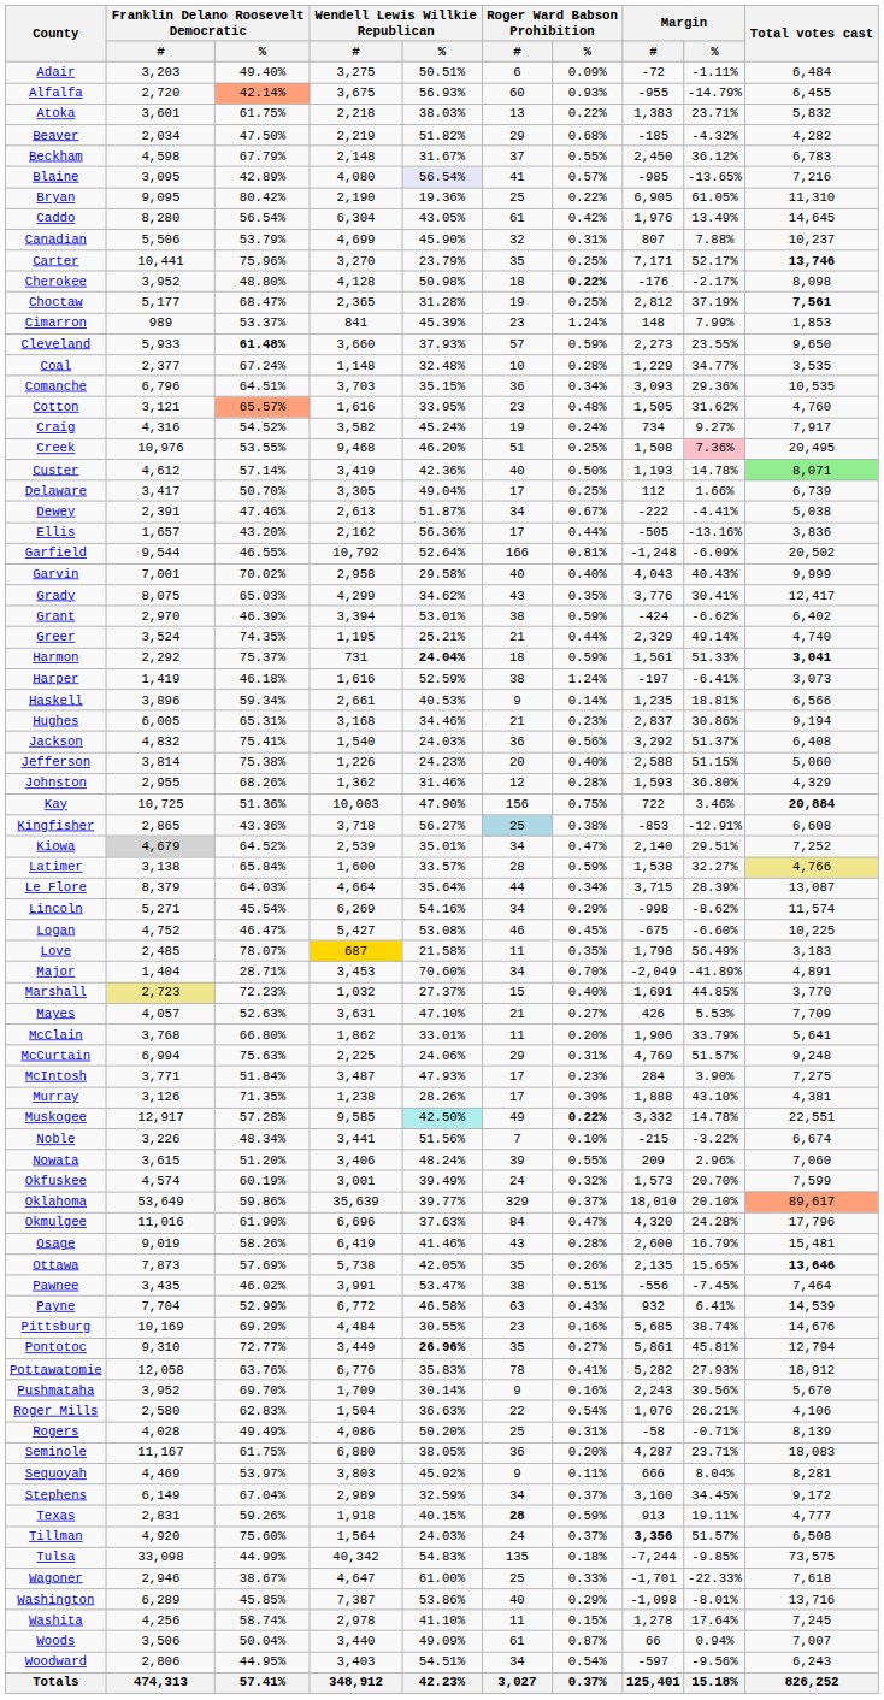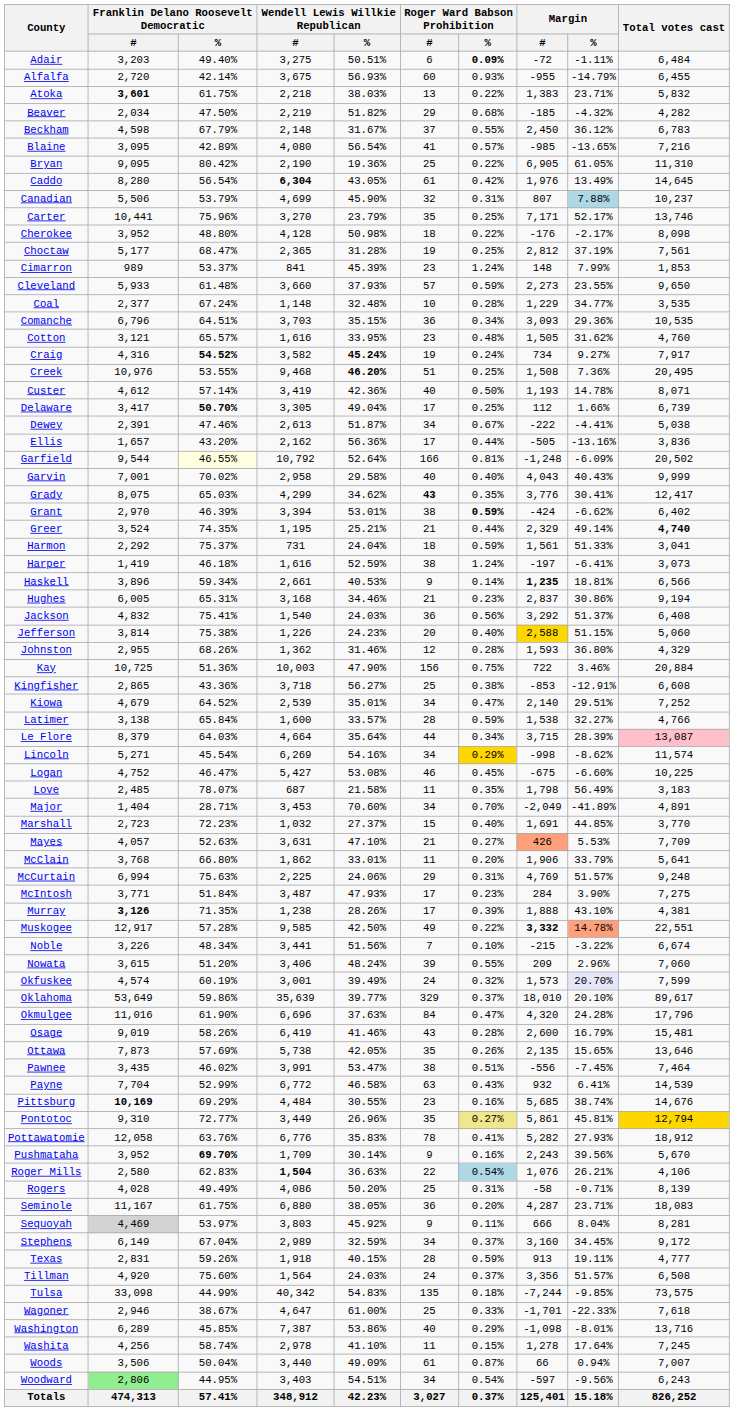 <table width="70%" class="wikitable sortable">
 <tr>
 <th rowspan="2">County</th>
 <th colspan="2">Franklin Delano Roosevelt<br>Democratic</th>
 <th colspan="2">Wendell Lewis Willkie<br>Republican</th>
 <th colspan="2">Roger Ward Babson<br>Prohibition</th>
 <th colspan="2">Margin</th>
 <th rowspan="2">Total votes cast</th>
 </tr>
 <tr bgcolor="lightgrey">
 <th>#</th>
 <th>%</th>
 <th>#</th>
 <th>%</th>
 <th>#</th>
 <th>%</th>
 <th>#</th>
 <th>%</th>
 </tr>
 <tr style="text-align:center;">
 <td><a href='#'>Adair</a></td>
 <td>3,203</td>
 <td>49.40%</td>
 <td>3,275</td>
 <td>50.51%</td>
 <td>6</td>
-<td>0.09%</td>
+<td><strong>0.09%</strong></td>
 <td>-72</td>
 <td>-1.11%</td>
 <td>6,484</td>
 </tr>
 <tr style="text-align:center;">
 <td><a href='#'>Alfalfa</a></td>
 <td>2,720</td>
-<td style="background: lightsalmon;">42.14%</td>
+<td>42.14%</td>
 <td>3,675</td>
 <td>56.93%</td>
 <td>60</td>
 <td>0.93%</td>
 <td>-955</td>
 <td>-14.79%</td>
 <td>6,455</td>
 </tr>
 <tr style="text-align:center;">
 <td><a href='#'>Atoka</a></td>
-<td>3,601</td>
+<td><strong>3,601</strong></td>
 <td>61.75%</td>
 <td>2,218</td>
 <td>38.03%</td>
 <td>13</td>
 <td>0.22%</td>
 <td>1,383</td>
 <td>23.71%</td>
 <td>5,832</td>
 </tr>
 <tr style="text-align:center;">
 <td><a href='#'>Beaver</a></td>
 <td>2,034</td>
 <td>47.50%</td>
 <td>2,219</td>
 <td>51.82%</td>
 <td>29</td>
 <td>0.68%</td>
 <td>-185</td>
 <td>-4.32%</td>
 <td>4,282</td>
 </tr>
 <tr style="text-align:center;">
 <td><a href='#'>Beckham</a></td>
 <td>4,598</td>
 <td>67.79%</td>
 <td>2,148</td>
 <td>31.67%</td>
 <td>37</td>
 <td>0.55%</td>
 <td>2,450</td>
 <td>36.12%</td>
 <td>6,783</td>
 </tr>
 <tr style="text-align:center;">
 <td><a href='#'>Blaine</a></td>
 <td>3,095</td>
 <td>42.89%</td>
 <td>4,080</td>
-<td style="background: lavender;">56.54%</td>
+<td>56.54%</td>
 <td>41</td>
 <td>0.57%</td>
 <td>-985</td>
 <td>-13.65%</td>
 <td>7,216</td>
 </tr>
 <tr style="text-align:center;">
 <td><a href='#'>Bryan</a></td>
 <td>9,095</td>
 <td>80.42%</td>
 <td>2,190</td>
 <td>19.36%</td>
 <td>25</td>
 <td>0.22%</td>
 <td>6,905</td>
 <td>61.05%</td>
 <td>11,310</td>
 </tr>
 <tr style="text-align:center;">
 <td><a href='#'>Caddo</a></td>
 <td>8,280</td>
 <td>56.54%</td>
-<td>6,304</td>
+<td><strong>6,304</strong></td>
 <td>43.05%</td>
 <td>61</td>
 <td>0.42%</td>
 <td>1,976</td>
 <td>13.49%</td>
 <td>14,645</td>
 </tr>
 <tr style="text-align:center;">
 <td><a href='#'>Canadian</a></td>
 <td>5,506</td>
 <td>53.79%</td>
 <td>4,699</td>
 <td>45.90%</td>
 <td>32</td>
 <td>0.31%</td>
 <td>807</td>
-<td>7.88%</td>
+<td style="background: lightblue;">7.88%</td>
 <td>10,237</td>
 </tr>
 <tr style="text-align:center;">
 <td><a href='#'>Carter</a></td>
 <td>10,441</td>
 <td>75.96%</td>
 <td>3,270</td>
 <td>23.79%</td>
 <td>35</td>
 <td>0.25%</td>
 <td>7,171</td>
 <td>52.17%</td>
-<td><strong>13,746</strong></td>
+<td>13,746</td>
 </tr>
 <tr style="text-align:center;">
 <td><a href='#'>Cherokee</a></td>
 <td>3,952</td>
 <td>48.80%</td>
 <td>4,128</td>
 <td>50.98%</td>
 <td>18</td>
-<td><strong>0.22%</strong></td>
+<td>0.22%</td>
 <td>-176</td>
 <td>-2.17%</td>
 <td>8,098</td>
 </tr>
 <tr style="text-align:center;">
 <td><a href='#'>Choctaw</a></td>
 <td>5,177</td>
 <td>68.47%</td>
 <td>2,365</td>
 <td>31.28%</td>
 <td>19</td>
 <td>0.25%</td>
 <td>2,812</td>
 <td>37.19%</td>
-<td><strong>7,561</strong></td>
+<td>7,561</td>
 </tr>
 <tr style="text-align:center;">
 <td><a href='#'>Cimarron</a></td>
 <td>989</td>
 <td>53.37%</td>
 <td>841</td>
 <td>45.39%</td>
 <td>23</td>
 <td>1.24%</td>
 <td>148</td>
 <td>7.99%</td>
 <td>1,853</td>
 </tr>
 <tr style="text-align:center;">
 <td><a href='#'>Cleveland</a></td>
 <td>5,933</td>
-<td><strong>61.48%</strong></td>
+<td>61.48%</td>
 <td>3,660</td>
 <td>37.93%</td>
 <td>57</td>
 <td>0.59%</td>
 <td>2,273</td>
 <td>23.55%</td>
 <td>9,650</td>
 </tr>
 <tr style="text-align:center;">
 <td><a href='#'>Coal</a></td>
 <td>2,377</td>
 <td>67.24%</td>
 <td>1,148</td>
 <td>32.48%</td>
 <td>10</td>
 <td>0.28%</td>
 <td>1,229</td>
 <td>34.77%</td>
 <td>3,535</td>
 </tr>
 <tr style="text-align:center;">
 <td><a href='#'>Comanche</a></td>
 <td>6,796</td>
 <td>64.51%</td>
 <td>3,703</td>
 <td>35.15%</td>
 <td>36</td>
 <td>0.34%</td>
 <td>3,093</td>
 <td>29.36%</td>
 <td>10,535</td>
 </tr>
 <tr style="text-align:center;">
 <td><a href='#'>Cotton</a></td>
 <td>3,121</td>
-<td style="background: lightsalmon;">65.57%</td>
+<td>65.57%</td>
 <td>1,616</td>
 <td>33.95%</td>
 <td>23</td>
 <td>0.48%</td>
 <td>1,505</td>
 <td>31.62%</td>
 <td>4,760</td>
 </tr>
 <tr style="text-align:center;">
 <td><a href='#'>Craig</a></td>
 <td>4,316</td>
-<td>54.52%</td>
+<td><strong>54.52%</strong></td>
 <td>3,582</td>
-<td>45.24%</td>
+<td><strong>45.24%</strong></td>
 <td>19</td>
 <td>0.24%</td>
 <td>734</td>
 <td>9.27%</td>
 <td>7,917</td>
 </tr>
 <tr style="text-align:center;">
 <td><a href='#'>Creek</a></td>
 <td>10,976</td>
 <td>53.55%</td>
 <td>9,468</td>
-<td>46.20%</td>
+<td><strong>46.20%</strong></td>
 <td>51</td>
 <td>0.25%</td>
 <td>1,508</td>
-<td style="background: pink;">7.36%</td>
+<td>7.36%</td>
 <td>20,495</td>
 </tr>
 <tr style="text-align:center;">
 <td><a href='#'>Custer</a></td>
 <td>4,612</td>
 <td>57.14%</td>
 <td>3,419</td>
 <td>42.36%</td>
 <td>40</td>
 <td>0.50%</td>
 <td>1,193</td>
 <td>14.78%</td>
-<td style="background: lightgreen;">8,071</td>
+<td>8,071</td>
 </tr>
 <tr style="text-align:center;">
 <td><a href='#'>Delaware</a></td>
 <td>3,417</td>
-<td>50.70%</td>
+<td><strong>50.70%</strong></td>
 <td>3,305</td>
 <td>49.04%</td>
 <td>17</td>
 <td>0.25%</td>
 <td>112</td>
 <td>1.66%</td>
 <td>6,739</td>
 </tr>
 <tr style="text-align:center;">
 <td><a href='#'>Dewey</a></td>
 <td>2,391</td>
 <td>47.46%</td>
 <td>2,613</td>
 <td>51.87%</td>
 <td>34</td>
 <td>0.67%</td>
 <td>-222</td>
 <td>-4.41%</td>
 <td>5,038</td>
 </tr>
 <tr style="text-align:center;">
 <td><a href='#'>Ellis</a></td>
 <td>1,657</td>
 <td>43.20%</td>
 <td>2,162</td>
 <td>56.36%</td>
 <td>17</td>
 <td>0.44%</td>
 <td>-505</td>
 <td>-13.16%</td>
 <td>3,836</td>
 </tr>
 <tr style="text-align:center;">
 <td><a href='#'>Garfield</a></td>
 <td>9,544</td>
-<td>46.55%</td>
+<td style="background: lightyellow;">46.55%</td>
 <td>10,792</td>
 <td>52.64%</td>
 <td>166</td>
 <td>0.81%</td>
 <td>-1,248</td>
 <td>-6.09%</td>
 <td>20,502</td>
 </tr>
 <tr style="text-align:center;">
 <td><a href='#'>Garvin</a></td>
 <td>7,001</td>
 <td>70.02%</td>
 <td>2,958</td>
 <td>29.58%</td>
 <td>40</td>
 <td>0.40%</td>
 <td>4,043</td>
 <td>40.43%</td>
 <td>9,999</td>
 </tr>
 <tr style="text-align:center;">
 <td><a href='#'>Grady</a></td>
 <td>8,075</td>
 <td>65.03%</td>
 <td>4,299</td>
 <td>34.62%</td>
-<td>43</td>
+<td><strong>43</strong></td>
 <td>0.35%</td>
 <td>3,776</td>
 <td>30.41%</td>
 <td>12,417</td>
 </tr>
 <tr style="text-align:center;">
 <td><a href='#'>Grant</a></td>
 <td>2,970</td>
 <td>46.39%</td>
 <td>3,394</td>
 <td>53.01%</td>
 <td>38</td>
-<td>0.59%</td>
+<td><strong>0.59%</strong></td>
 <td>-424</td>
 <td>-6.62%</td>
 <td>6,402</td>
 </tr>
 <tr style="text-align:center;">
 <td><a href='#'>Greer</a></td>
 <td>3,524</td>
 <td>74.35%</td>
 <td>1,195</td>
 <td>25.21%</td>
 <td>21</td>
 <td>0.44%</td>
 <td>2,329</td>
 <td>49.14%</td>
-<td>4,740</td>
+<td><strong>4,740</strong></td>
 </tr>
 <tr style="text-align:center;">
 <td><a href='#'>Harmon</a></td>
 <td>2,292</td>
 <td>75.37%</td>
 <td>731</td>
-<td><strong>24.04%</strong></td>
+<td>24.04%</td>
 <td>18</td>
 <td>0.59%</td>
 <td>1,561</td>
 <td>51.33%</td>
-<td><strong>3,041</strong></td>
+<td>3,041</td>
 </tr>
 <tr style="text-align:center;">
 <td><a href='#'>Harper</a></td>
 <td>1,419</td>
 <td>46.18%</td>
 <td>1,616</td>
 <td>52.59%</td>
 <td>38</td>
 <td>1.24%</td>
 <td>-197</td>
 <td>-6.41%</td>
 <td>3,073</td>
 </tr>
 <tr style="text-align:center;">
 <td><a href='#'>Haskell</a></td>
 <td>3,896</td>
 <td>59.34%</td>
 <td>2,661</td>
 <td>40.53%</td>
 <td>9</td>
 <td>0.14%</td>
-<td>1,235</td>
+<td><strong>1,235</strong></td>
 <td>18.81%</td>
 <td>6,566</td>
 </tr>
 <tr style="text-align:center;">
 <td><a href='#'>Hughes</a></td>
 <td>6,005</td>
 <td>65.31%</td>
 <td>3,168</td>
 <td>34.46%</td>
 <td>21</td>
 <td>0.23%</td>
 <td>2,837</td>
 <td>30.86%</td>
 <td>9,194</td>
 </tr>
 <tr style="text-align:center;">
 <td><a href='#'>Jackson</a></td>
 <td>4,832</td>
 <td>75.41%</td>
 <td>1,540</td>
 <td>24.03%</td>
 <td>36</td>
 <td>0.56%</td>
 <td>3,292</td>
 <td>51.37%</td>
 <td>6,408</td>
 </tr>
 <tr style="text-align:center;">
 <td><a href='#'>Jefferson</a></td>
 <td>3,814</td>
 <td>75.38%</td>
 <td>1,226</td>
 <td>24.23%</td>
 <td>20</td>
 <td>0.40%</td>
-<td>2,588</td>
+<td style="background: gold;">2,588</td>
 <td>51.15%</td>
 <td>5,060</td>
 </tr>
 <tr style="text-align:center;">
 <td><a href='#'>Johnston</a></td>
 <td>2,955</td>
 <td>68.26%</td>
 <td>1,362</td>
 <td>31.46%</td>
 <td>12</td>
 <td>0.28%</td>
 <td>1,593</td>
 <td>36.80%</td>
 <td>4,329</td>
 </tr>
 <tr style="text-align:center;">
 <td><a href='#'>Kay</a></td>
 <td>10,725</td>
 <td>51.36%</td>
 <td>10,003</td>
 <td>47.90%</td>
 <td>156</td>
 <td>0.75%</td>
 <td>722</td>
 <td>3.46%</td>
-<td><strong>20,884</strong></td>
+<td>20,884</td>
 </tr>
 <tr style="text-align:center;">
 <td><a href='#'>Kingfisher</a></td>
 <td>2,865</td>
 <td>43.36%</td>
 <td>3,718</td>
 <td>56.27%</td>
-<td style="background: lightblue;">25</td>
+<td>25</td>
 <td>0.38%</td>
 <td>-853</td>
 <td>-12.91%</td>
 <td>6,608</td>
 </tr>
 <tr style="text-align:center;">
 <td><a href='#'>Kiowa</a></td>
-<td style="background: lightgrey;">4,679</td>
+<td>4,679</td>
 <td>64.52%</td>
 <td>2,539</td>
 <td>35.01%</td>
 <td>34</td>
 <td>0.47%</td>
 <td>2,140</td>
 <td>29.51%</td>
 <td>7,252</td>
 </tr>
 <tr style="text-align:center;">
 <td><a href='#'>Latimer</a></td>
 <td>3,138</td>
 <td>65.84%</td>
 <td>1,600</td>
 <td>33.57%</td>
 <td>28</td>
 <td>0.59%</td>
 <td>1,538</td>
 <td>32.27%</td>
-<td style="background: khaki;">4,766</td>
+<td>4,766</td>
 </tr>
 <tr style="text-align:center;">
 <td><a href='#'>Le Flore</a></td>
 <td>8,379</td>
 <td>64.03%</td>
 <td>4,664</td>
 <td>35.64%</td>
 <td>44</td>
 <td>0.34%</td>
 <td>3,715</td>
 <td>28.39%</td>
-<td>13,087</td>
+<td style="background: pink;">13,087</td>
 </tr>
 <tr style="text-align:center;">
 <td><a href='#'>Lincoln</a></td>
 <td>5,271</td>
 <td>45.54%</td>
 <td>6,269</td>
 <td>54.16%</td>
 <td>34</td>
-<td>0.29%</td>
+<td style="background: gold;">0.29%</td>
 <td>-998</td>
 <td>-8.62%</td>
 <td>11,574</td>
 </tr>
 <tr style="text-align:center;">
 <td><a href='#'>Logan</a></td>
 <td>4,752</td>
 <td>46.47%</td>
 <td>5,427</td>
 <td>53.08%</td>
 <td>46</td>
 <td>0.45%</td>
 <td>-675</td>
 <td>-6.60%</td>
 <td>10,225</td>
 </tr>
 <tr style="text-align:center;">
 <td><a href='#'>Love</a></td>
 <td>2,485</td>
 <td>78.07%</td>
-<td style="background: gold;">687</td>
+<td>687</td>
 <td>21.58%</td>
 <td>11</td>
 <td>0.35%</td>
 <td>1,798</td>
 <td>56.49%</td>
 <td>3,183</td>
 </tr>
 <tr style="text-align:center;">
 <td><a href='#'>Major</a></td>
 <td>1,404</td>
 <td>28.71%</td>
 <td>3,453</td>
 <td>70.60%</td>
 <td>34</td>
 <td>0.70%</td>
 <td>-2,049</td>
 <td>-41.89%</td>
 <td>4,891</td>
 </tr>
 <tr style="text-align:center;">
 <td><a href='#'>Marshall</a></td>
-<td style="background: khaki;">2,723</td>
+<td>2,723</td>
 <td>72.23%</td>
 <td>1,032</td>
 <td>27.37%</td>
 <td>15</td>
 <td>0.40%</td>
 <td>1,691</td>
 <td>44.85%</td>
 <td>3,770</td>
 </tr>
 <tr style="text-align:center;">
 <td><a href='#'>Mayes</a></td>
 <td>4,057</td>
 <td>52.63%</td>
 <td>3,631</td>
 <td>47.10%</td>
 <td>21</td>
 <td>0.27%</td>
-<td>426</td>
+<td style="background: lightsalmon;">426</td>
 <td>5.53%</td>
 <td>7,709</td>
 </tr>
 <tr style="text-align:center;">
 <td><a href='#'>McClain</a></td>
 <td>3,768</td>
 <td>66.80%</td>
 <td>1,862</td>
 <td>33.01%</td>
 <td>11</td>
 <td>0.20%</td>
 <td>1,906</td>
 <td>33.79%</td>
 <td>5,641</td>
 </tr>
 <tr style="text-align:center;">
 <td><a href='#'>McCurtain</a></td>
 <td>6,994</td>
 <td>75.63%</td>
 <td>2,225</td>
 <td>24.06%</td>
 <td>29</td>
 <td>0.31%</td>
 <td>4,769</td>
 <td>51.57%</td>
 <td>9,248</td>
 </tr>
 <tr style="text-align:center;">
 <td><a href='#'>McIntosh</a></td>
 <td>3,771</td>
 <td>51.84%</td>
 <td>3,487</td>
 <td>47.93%</td>
 <td>17</td>
 <td>0.23%</td>
 <td>284</td>
 <td>3.90%</td>
 <td>7,275</td>
 </tr>
 <tr style="text-align:center;">
 <td><a href='#'>Murray</a></td>
-<td>3,126</td>
+<td><strong>3,126</strong></td>
 <td>71.35%</td>
 <td>1,238</td>
 <td>28.26%</td>
 <td>17</td>
 <td>0.39%</td>
 <td>1,888</td>
 <td>43.10%</td>
 <td>4,381</td>
 </tr>
 <tr style="text-align:center;">
 <td><a href='#'>Muskogee</a></td>
 <td>12,917</td>
 <td>57.28%</td>
 <td>9,585</td>
-<td style="background: paleturquoise;">42.50%</td>
+<td>42.50%</td>
 <td>49</td>
-<td><strong>0.22%</strong></td>
-<td>3,332</td>
-<td>14.78%</td>
+<td>0.22%</td>
+<td><strong>3,332</strong></td>
+<td style="background: lightsalmon;">14.78%</td>
 <td>22,551</td>
 </tr>
 <tr style="text-align:center;">
 <td><a href='#'>Noble</a></td>
 <td>3,226</td>
 <td>48.34%</td>
 <td>3,441</td>
 <td>51.56%</td>
 <td>7</td>
 <td>0.10%</td>
 <td>-215</td>
 <td>-3.22%</td>
 <td>6,674</td>
 </tr>
 <tr style="text-align:center;">
 <td><a href='#'>Nowata</a></td>
 <td>3,615</td>
 <td>51.20%</td>
 <td>3,406</td>
 <td>48.24%</td>
 <td>39</td>
 <td>0.55%</td>
 <td>209</td>
 <td>2.96%</td>
 <td>7,060</td>
 </tr>
 <tr style="text-align:center;">
 <td><a href='#'>Okfuskee</a></td>
 <td>4,574</td>
 <td>60.19%</td>
 <td>3,001</td>
 <td>39.49%</td>
 <td>24</td>
 <td>0.32%</td>
 <td>1,573</td>
-<td>20.70%</td>
+<td style="background: lavender;">20.70%</td>
 <td>7,599</td>
 </tr>
 <tr style="text-align:center;">
 <td><a href='#'>Oklahoma</a></td>
 <td>53,649</td>
 <td>59.86%</td>
 <td>35,639</td>
 <td>39.77%</td>
 <td>329</td>
 <td>0.37%</td>
 <td>18,010</td>
 <td>20.10%</td>
-<td style="background: lightsalmon;">89,617</td>
+<td>89,617</td>
 </tr>
 <tr style="text-align:center;">
 <td><a href='#'>Okmulgee</a></td>
 <td>11,016</td>
 <td>61.90%</td>
 <td>6,696</td>
 <td>37.63%</td>
 <td>84</td>
 <td>0.47%</td>
 <td>4,320</td>
 <td>24.28%</td>
 <td>17,796</td>
 </tr>
 <tr style="text-align:center;">
 <td><a href='#'>Osage</a></td>
 <td>9,019</td>
 <td>58.26%</td>
 <td>6,419</td>
 <td>41.46%</td>
 <td>43</td>
 <td>0.28%</td>
 <td>2,600</td>
 <td>16.79%</td>
 <td>15,481</td>
 </tr>
 <tr style="text-align:center;">
 <td><a href='#'>Ottawa</a></td>
 <td>7,873</td>
 <td>57.69%</td>
 <td>5,738</td>
 <td>42.05%</td>
 <td>35</td>
 <td>0.26%</td>
 <td>2,135</td>
 <td>15.65%</td>
-<td><strong>13,646</strong></td>
+<td>13,646</td>
 </tr>
 <tr style="text-align:center;">
 <td><a href='#'>Pawnee</a></td>
 <td>3,435</td>
 <td>46.02%</td>
 <td>3,991</td>
 <td>53.47%</td>
 <td>38</td>
 <td>0.51%</td>
 <td>-556</td>
 <td>-7.45%</td>
 <td>7,464</td>
 </tr>
 <tr style="text-align:center;">
 <td><a href='#'>Payne</a></td>
 <td>7,704</td>
 <td>52.99%</td>
 <td>6,772</td>
 <td>46.58%</td>
 <td>63</td>
 <td>0.43%</td>
 <td>932</td>
 <td>6.41%</td>
 <td>14,539</td>
 </tr>
 <tr style="text-align:center;">
 <td><a href='#'>Pittsburg</a></td>
-<td>10,169</td>
+<td><strong>10,169</strong></td>
 <td>69.29%</td>
 <td>4,484</td>
 <td>30.55%</td>
 <td>23</td>
 <td>0.16%</td>
 <td>5,685</td>
 <td>38.74%</td>
 <td>14,676</td>
 </tr>
 <tr style="text-align:center;">
 <td><a href='#'>Pontotoc</a></td>
 <td>9,310</td>
 <td>72.77%</td>
 <td>3,449</td>
-<td><strong>26.96%</strong></td>
+<td>26.96%</td>
 <td>35</td>
-<td>0.27%</td>
+<td style="background: khaki;">0.27%</td>
 <td>5,861</td>
 <td>45.81%</td>
-<td>12,794</td>
+<td style="background: gold;">12,794</td>
 </tr>
 <tr style="text-align:center;">
 <td><a href='#'>Pottawatomie</a></td>
 <td>12,058</td>
 <td>63.76%</td>
 <td>6,776</td>
 <td>35.83%</td>
 <td>78</td>
 <td>0.41%</td>
 <td>5,282</td>
 <td>27.93%</td>
 <td>18,912</td>
 </tr>
 <tr style="text-align:center;">
 <td><a href='#'>Pushmataha</a></td>
 <td>3,952</td>
-<td>69.70%</td>
+<td><strong>69.70%</strong></td>
 <td>1,709</td>
 <td>30.14%</td>
 <td>9</td>
 <td>0.16%</td>
 <td>2,243</td>
 <td>39.56%</td>
 <td>5,670</td>
 </tr>
 <tr style="text-align:center;">
 <td><a href='#'>Roger Mills</a></td>
 <td>2,580</td>
 <td>62.83%</td>
-<td>1,504</td>
+<td><strong>1,504</strong></td>
 <td>36.63%</td>
 <td>22</td>
-<td>0.54%</td>
+<td style="background: lightblue;">0.54%</td>
 <td>1,076</td>
 <td>26.21%</td>
 <td>4,106</td>
 </tr>
 <tr style="text-align:center;">
 <td><a href='#'>Rogers</a></td>
 <td>4,028</td>
 <td>49.49%</td>
 <td>4,086</td>
 <td>50.20%</td>
 <td>25</td>
 <td>0.31%</td>
 <td>-58</td>
 <td>-0.71%</td>
 <td>8,139</td>
 </tr>
 <tr style="text-align:center;">
 <td><a href='#'>Seminole</a></td>
 <td>11,167</td>
 <td>61.75%</td>
 <td>6,880</td>
 <td>38.05%</td>
 <td>36</td>
 <td>0.20%</td>
 <td>4,287</td>
 <td>23.71%</td>
 <td>18,083</td>
 </tr>
 <tr style="text-align:center;">
 <td><a href='#'>Sequoyah</a></td>
-<td>4,469</td>
+<td style="background: lightgrey;">4,469</td>
 <td>53.97%</td>
 <td>3,803</td>
 <td>45.92%</td>
 <td>9</td>
 <td>0.11%</td>
 <td>666</td>
 <td>8.04%</td>
 <td>8,281</td>
 </tr>
 <tr style="text-align:center;">
 <td><a href='#'>Stephens</a></td>
 <td>6,149</td>
 <td>67.04%</td>
 <td>2,989</td>
 <td>32.59%</td>
 <td>34</td>
 <td>0.37%</td>
 <td>3,160</td>
 <td>34.45%</td>
 <td>9,172</td>
 </tr>
 <tr style="text-align:center;">
 <td><a href='#'>Texas</a></td>
 <td>2,831</td>
 <td>59.26%</td>
 <td>1,918</td>
 <td>40.15%</td>
-<td><strong>28</strong></td>
+<td>28</td>
 <td>0.59%</td>
 <td>913</td>
 <td>19.11%</td>
 <td>4,777</td>
 </tr>
 <tr style="text-align:center;">
 <td><a href='#'>Tillman</a></td>
 <td>4,920</td>
 <td>75.60%</td>
 <td>1,564</td>
 <td>24.03%</td>
 <td>24</td>
 <td>0.37%</td>
-<td><strong>3,356</strong></td>
+<td>3,356</td>
 <td>51.57%</td>
 <td>6,508</td>
 </tr>
 <tr style="text-align:center;">
 <td><a href='#'>Tulsa</a></td>
 <td>33,098</td>
 <td>44.99%</td>
 <td>40,342</td>
 <td>54.83%</td>
 <td>135</td>
 <td>0.18%</td>
 <td>-7,244</td>
 <td>-9.85%</td>
 <td>73,575</td>
 </tr>
 <tr style="text-align:center;">
 <td><a href='#'>Wagoner</a></td>
 <td>2,946</td>
 <td>38.67%</td>
 <td>4,647</td>
 <td>61.00%</td>
 <td>25</td>
 <td>0.33%</td>
 <td>-1,701</td>
 <td>-22.33%</td>
 <td>7,618</td>
 </tr>
 <tr style="text-align:center;">
 <td><a href='#'>Washington</a></td>
 <td>6,289</td>
 <td>45.85%</td>
 <td>7,387</td>
 <td>53.86%</td>
 <td>40</td>
 <td>0.29%</td>
 <td>-1,098</td>
 <td>-8.01%</td>
 <td>13,716</td>
 </tr>
 <tr style="text-align:center;">
 <td><a href='#'>Washita</a></td>
 <td>4,256</td>
 <td>58.74%</td>
 <td>2,978</td>
 <td>41.10%</td>
 <td>11</td>
 <td>0.15%</td>
 <td>1,278</td>
 <td>17.64%</td>
 <td>7,245</td>
 </tr>
 <tr style="text-align:center;">
 <td><a href='#'>Woods</a></td>
 <td>3,506</td>
 <td>50.04%</td>
 <td>3,440</td>
 <td>49.09%</td>
 <td>61</td>
 <td>0.87%</td>
 <td>66</td>
 <td>0.94%</td>
 <td>7,007</td>
 </tr>
 <tr style="text-align:center;">
 <td><a href='#'>Woodward</a></td>
-<td>2,806</td>
+<td style="background: lightgreen;">2,806</td>
 <td>44.95%</td>
 <td>3,403</td>
 <td>54.51%</td>
 <td>34</td>
 <td>0.54%</td>
 <td>-597</td>
 <td>-9.56%</td>
 <td>6,243</td>
 </tr>
 <tr style="text-align:center;">
 <th>Totals</th>
 <th>474,313</th>
 <th>57.41%</th>
 <th>348,912</th>
 <th>42.23%</th>
 <th>3,027</th>
 <th>0.37%</th>
 <th>125,401</th>
 <th>15.18%</th>
 <th>826,252</th>
 </tr>
 </table>
